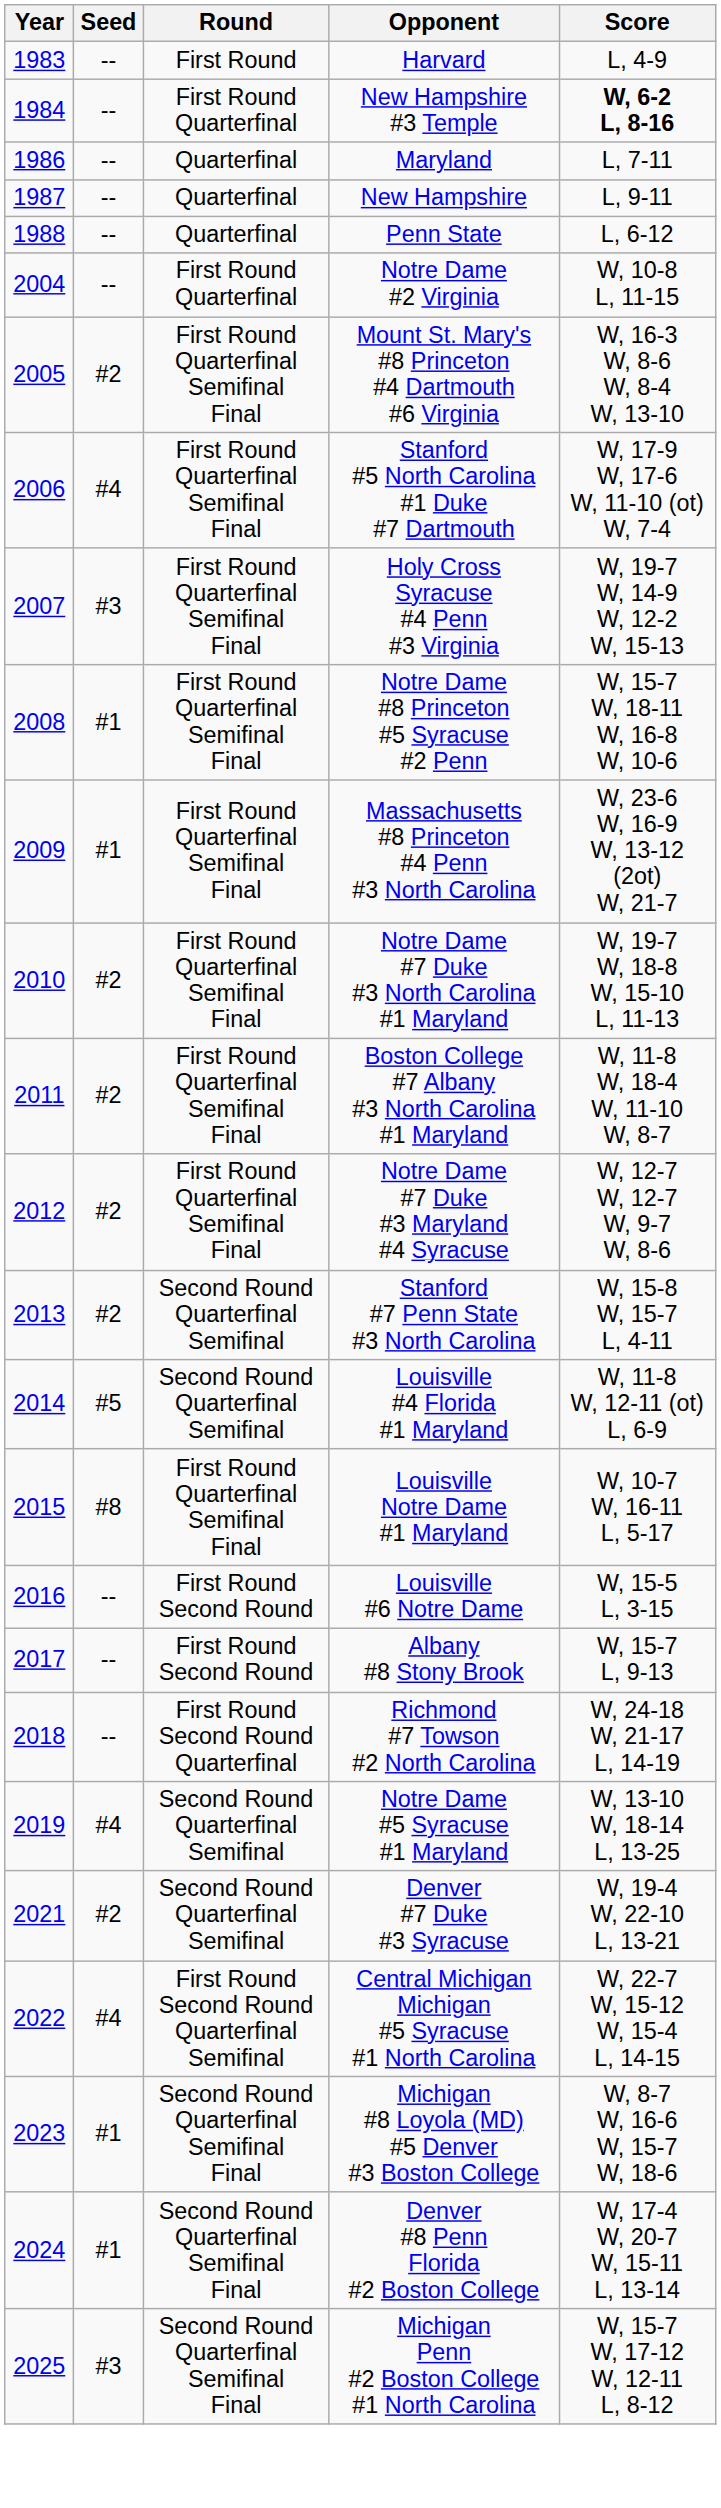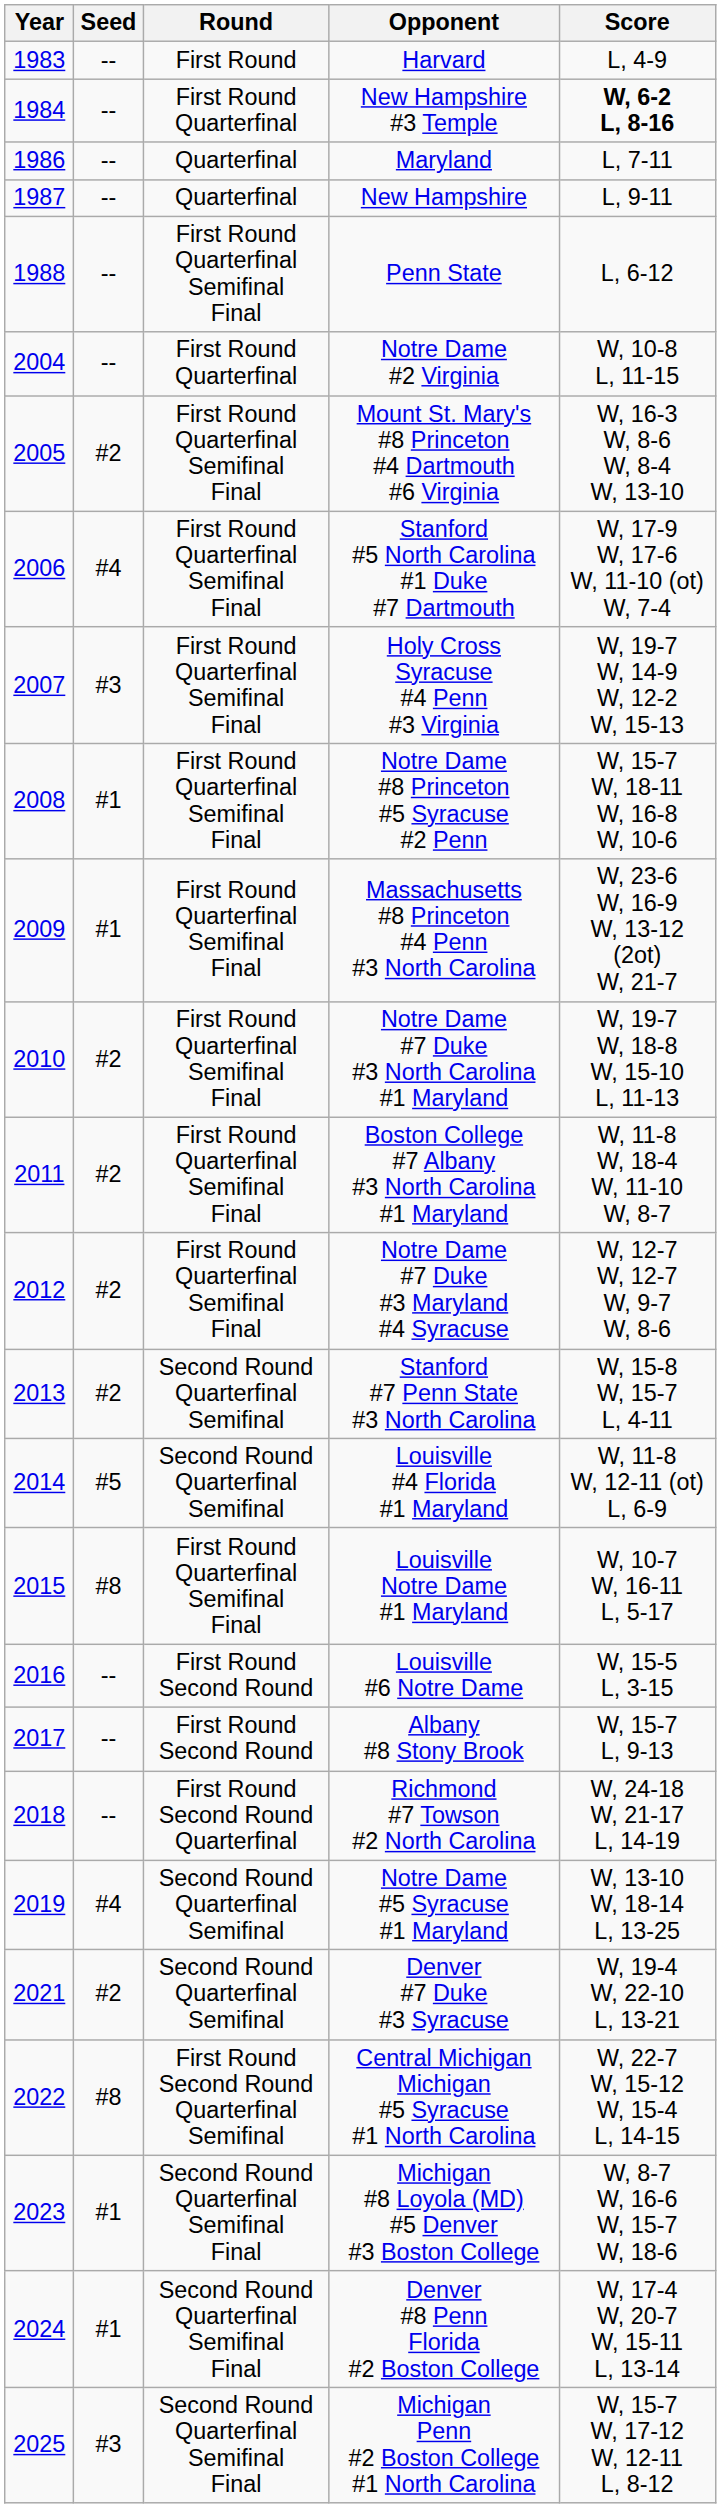 <table class="wikitable">
 <tr>
 <th style="width:40px; ">Year</th>
 <th style="width:40px; ">Seed</th>
 <th style="width:120px; ">Round</th>
 <th style="width:150px; ">Opponent</th>
 <th style="width:100px; ">Score</th>
 </tr>
 <tr align="center">
 <td><a href='#'>1983</a></td>
 <td>--</td>
 <td>First Round</td>
 <td><a href='#'>Harvard</a></td>
 <td>L, 4-9</td>
 </tr>
 <tr align="center">
 <td><a href='#'>1984</a></td>
 <td>--</td>
 <td>First Round<br>Quarterfinal</td>
 <td><a href='#'>New Hampshire</a><br>#3 <a href='#'>Temple</a></td>
 <td><strong>W, 6-2<br>L, 8-16</strong></td>
 </tr>
 <tr align="center">
 <td><a href='#'>1986</a></td>
 <td>--</td>
 <td>Quarterfinal</td>
 <td><a href='#'>Maryland</a></td>
 <td>L, 7-11</td>
 </tr>
 <tr align="center">
 <td><a href='#'>1987</a></td>
 <td>--</td>
 <td>Quarterfinal</td>
 <td><a href='#'>New Hampshire</a></td>
 <td>L, 9-11</td>
 </tr>
 <tr align="center">
 <td><a href='#'>1988</a></td>
 <td>--</td>
-<td>Quarterfinal</td>
+<td>First Round<br>Quarterfinal<br>Semifinal<br>Final</td>
 <td><a href='#'>Penn State</a></td>
 <td>L, 6-12</td>
 </tr>
 <tr align="center">
 <td><a href='#'>2004</a></td>
 <td>--</td>
 <td>First Round<br>Quarterfinal</td>
 <td><a href='#'>Notre Dame</a><br>#2 <a href='#'>Virginia</a></td>
 <td>W, 10-8<br>L, 11-15</td>
 </tr>
 <tr align="center">
 <td><a href='#'>2005</a></td>
 <td>#2</td>
 <td>First Round<br>Quarterfinal<br>Semifinal<br>Final</td>
 <td><a href='#'>Mount St. Mary's</a><br>#8 <a href='#'>Princeton</a><br>#4 <a href='#'>Dartmouth</a><br>#6 <a href='#'>Virginia</a></td>
 <td>W, 16-3<br>W, 8-6<br>W, 8-4<br>W, 13-10</td>
 </tr>
 <tr align="center">
 <td><a href='#'>2006</a></td>
 <td>#4</td>
 <td>First Round<br>Quarterfinal<br>Semifinal<br>Final</td>
 <td><a href='#'>Stanford</a><br>#5 <a href='#'>North Carolina</a><br>#1 <a href='#'>Duke</a><br>#7 <a href='#'>Dartmouth</a></td>
 <td>W, 17-9<br>W, 17-6<br>W, 11-10 (ot)<br>W, 7-4</td>
 </tr>
 <tr align="center">
 <td><a href='#'>2007</a></td>
 <td>#3</td>
 <td>First Round<br>Quarterfinal<br>Semifinal<br>Final</td>
 <td><a href='#'>Holy Cross</a><br><a href='#'>Syracuse</a><br>#4 <a href='#'>Penn</a><br>#3 <a href='#'>Virginia</a></td>
 <td>W, 19-7<br>W, 14-9<br>W, 12-2<br>W, 15-13</td>
 </tr>
 <tr align="center">
 <td><a href='#'>2008</a></td>
 <td>#1</td>
 <td>First Round<br>Quarterfinal<br>Semifinal<br>Final</td>
 <td><a href='#'>Notre Dame</a><br>#8 <a href='#'>Princeton</a><br>#5 <a href='#'>Syracuse</a><br>#2 <a href='#'>Penn</a></td>
 <td>W, 15-7<br>W, 18-11<br>W, 16-8<br>W, 10-6</td>
 </tr>
 <tr align="center">
 <td><a href='#'>2009</a></td>
 <td>#1</td>
 <td>First Round<br>Quarterfinal<br>Semifinal<br>Final</td>
 <td><a href='#'>Massachusetts</a><br>#8 <a href='#'>Princeton</a><br>#4 <a href='#'>Penn</a><br>#3 <a href='#'>North Carolina</a></td>
 <td>W, 23-6<br>W, 16-9<br>W, 13-12 (2ot)<br>W, 21-7</td>
 </tr>
 <tr align="center">
 <td><a href='#'>2010</a></td>
 <td>#2</td>
 <td>First Round<br>Quarterfinal<br>Semifinal<br>Final</td>
 <td><a href='#'>Notre Dame</a><br>#7 <a href='#'>Duke</a><br>#3 <a href='#'>North Carolina</a><br>#1 <a href='#'>Maryland</a></td>
 <td>W, 19-7<br>W, 18-8<br>W, 15-10<br>L, 11-13</td>
 </tr>
 <tr align="center">
 <td><a href='#'>2011</a></td>
 <td>#2</td>
 <td>First Round<br>Quarterfinal<br>Semifinal<br>Final</td>
 <td><a href='#'>Boston College</a><br>#7 <a href='#'>Albany</a><br>#3 <a href='#'>North Carolina</a><br>#1 <a href='#'>Maryland</a></td>
 <td>W, 11-8<br>W, 18-4<br>W, 11-10<br>W, 8-7</td>
 </tr>
 <tr align="center">
 <td><a href='#'>2012</a></td>
 <td>#2</td>
 <td>First Round<br>Quarterfinal<br>Semifinal<br>Final</td>
 <td><a href='#'>Notre Dame</a><br>#7 <a href='#'>Duke</a><br>#3 <a href='#'>Maryland</a><br>#4 <a href='#'>Syracuse</a></td>
 <td>W, 12-7<br>W, 12-7<br>W, 9-7<br>W, 8-6</td>
 </tr>
 <tr align="center">
 <td><a href='#'>2013</a></td>
 <td>#2</td>
 <td>Second Round<br>Quarterfinal<br>Semifinal</td>
 <td><a href='#'>Stanford</a><br>#7 <a href='#'>Penn State</a><br>#3 <a href='#'>North Carolina</a></td>
 <td>W, 15-8<br>W, 15-7<br>L, 4-11</td>
 </tr>
 <tr align="center">
 <td><a href='#'>2014</a></td>
 <td>#5</td>
 <td>Second Round<br>Quarterfinal<br>Semifinal</td>
 <td><a href='#'>Louisville</a><br>#4 <a href='#'>Florida</a><br>#1 <a href='#'>Maryland</a></td>
 <td>W, 11-8<br>W, 12-11 (ot)<br>L, 6-9</td>
 </tr>
 <tr align="center">
 <td><a href='#'>2015</a></td>
 <td>#8</td>
 <td>First Round<br>Quarterfinal<br>Semifinal<br>Final</td>
 <td><a href='#'>Louisville</a><br><a href='#'>Notre Dame</a><br>#1 <a href='#'>Maryland</a></td>
 <td>W, 10-7<br>W, 16-11<br>L, 5-17</td>
 </tr>
 <tr align="center">
 <td><a href='#'>2016</a></td>
 <td>--</td>
 <td>First Round<br>Second Round</td>
 <td><a href='#'>Louisville</a><br>#6 <a href='#'>Notre Dame</a></td>
 <td>W, 15-5<br>L, 3-15</td>
 </tr>
 <tr align="center">
 <td><a href='#'>2017</a></td>
 <td>--</td>
 <td>First Round<br>Second Round</td>
 <td><a href='#'>Albany</a><br>#8 <a href='#'>Stony Brook</a></td>
 <td>W, 15-7<br>L, 9-13</td>
 </tr>
 <tr align="center">
 <td><a href='#'>2018</a></td>
 <td>--</td>
 <td>First Round<br>Second Round<br>Quarterfinal</td>
 <td><a href='#'>Richmond</a><br>#7 <a href='#'>Towson</a><br>#2 <a href='#'>North Carolina</a></td>
 <td>W, 24-18<br>W, 21-17<br>L, 14-19</td>
 </tr>
 <tr align="center">
 <td><a href='#'>2019</a></td>
 <td>#4</td>
 <td>Second Round<br>Quarterfinal<br>Semifinal</td>
 <td><a href='#'>Notre Dame</a><br>#5 <a href='#'>Syracuse</a><br>#1 <a href='#'>Maryland</a></td>
 <td>W, 13-10<br>W, 18-14<br>L, 13-25</td>
 </tr>
 <tr align="center">
 <td><a href='#'>2021</a></td>
 <td>#2</td>
 <td>Second Round<br>Quarterfinal<br>Semifinal</td>
 <td><a href='#'>Denver</a><br>#7 <a href='#'>Duke</a><br>#3 <a href='#'>Syracuse</a></td>
 <td>W, 19-4<br>W, 22-10<br>L, 13-21</td>
 </tr>
 <tr align="center">
 <td><a href='#'>2022</a></td>
-<td>#4</td>
+<td>#8</td>
 <td>First Round<br>Second Round<br>Quarterfinal<br>Semifinal</td>
 <td><a href='#'>Central Michigan</a><br><a href='#'>Michigan</a><br>#5 <a href='#'>Syracuse</a><br>#1 <a href='#'>North Carolina</a></td>
 <td>W, 22-7<br>W, 15-12<br>W, 15-4<br>L, 14-15</td>
 </tr>
 <tr align="center">
 <td><a href='#'>2023</a></td>
 <td>#1</td>
 <td>Second Round<br>Quarterfinal<br>Semifinal<br>Final</td>
 <td><a href='#'>Michigan</a><br>#8 <a href='#'>Loyola (MD)</a><br>#5 <a href='#'>Denver</a><br>#3 <a href='#'>Boston College</a></td>
 <td>W, 8-7<br>W, 16-6<br>W, 15-7<br>W, 18-6</td>
 </tr>
 <tr align="center">
 <td><a href='#'>2024</a></td>
 <td>#1</td>
 <td>Second Round<br>Quarterfinal<br>Semifinal<br>Final</td>
 <td><a href='#'>Denver</a><br>#8 <a href='#'>Penn</a><br><a href='#'>Florida</a><br>#2 <a href='#'>Boston College</a></td>
 <td>W, 17-4<br>W, 20-7<br>W, 15-11<br>L, 13-14</td>
 </tr>
 <tr align="center">
 <td><a href='#'>2025</a></td>
 <td>#3</td>
 <td>Second Round<br>Quarterfinal<br>Semifinal<br>Final</td>
 <td><a href='#'>Michigan</a><br><a href='#'>Penn</a><br>#2 <a href='#'>Boston College</a><br>#1 <a href='#'>North Carolina</a></td>
 <td>W, 15-7<br>W, 17-12<br>W, 12-11<br>L, 8-12</td>
 </tr>
 </table>
